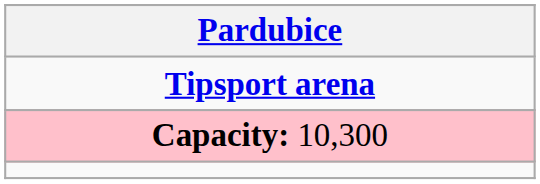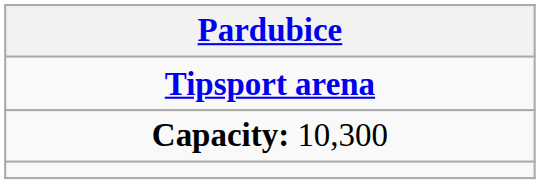 <table class="wikitable" style="text-align:center;margin:1em auto;">
 <tr>
 <th width="250"><a href='#'>Pardubice</a></th>
 </tr>
 <tr>
 <td><strong><a href='#'>Tipsport arena</a></strong></td>
 </tr>
 <tr>
-<td style="background: pink;"><strong>Capacity:</strong> 10,300</td>
+<td><strong>Capacity:</strong> 10,300</td>
 </tr>
 <tr>
 <td></td>
 </tr>
 </table>
